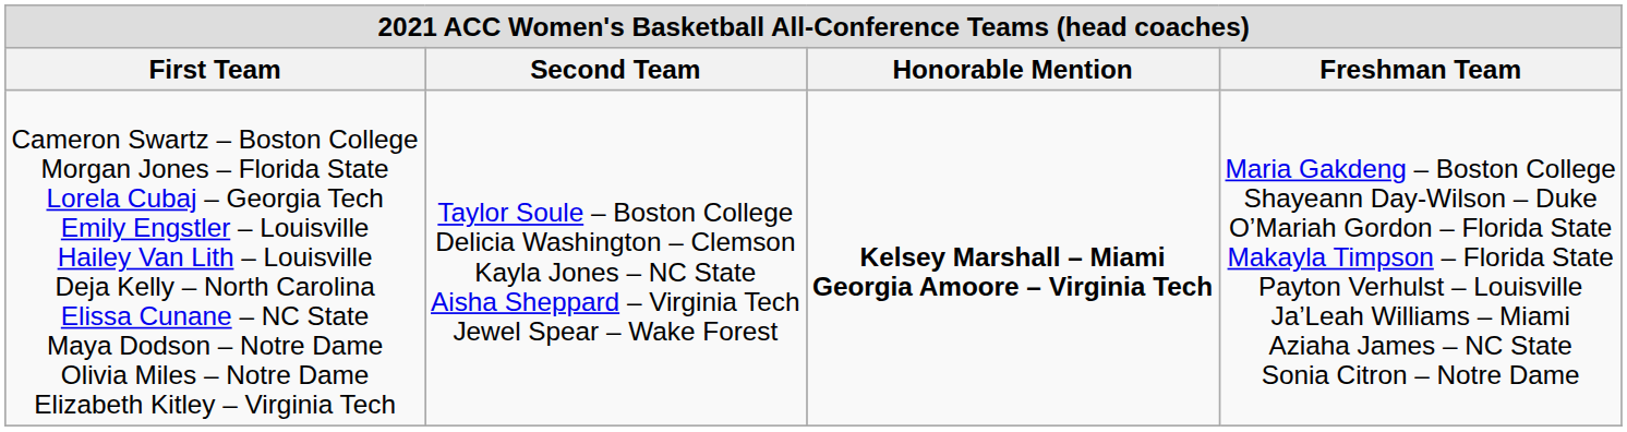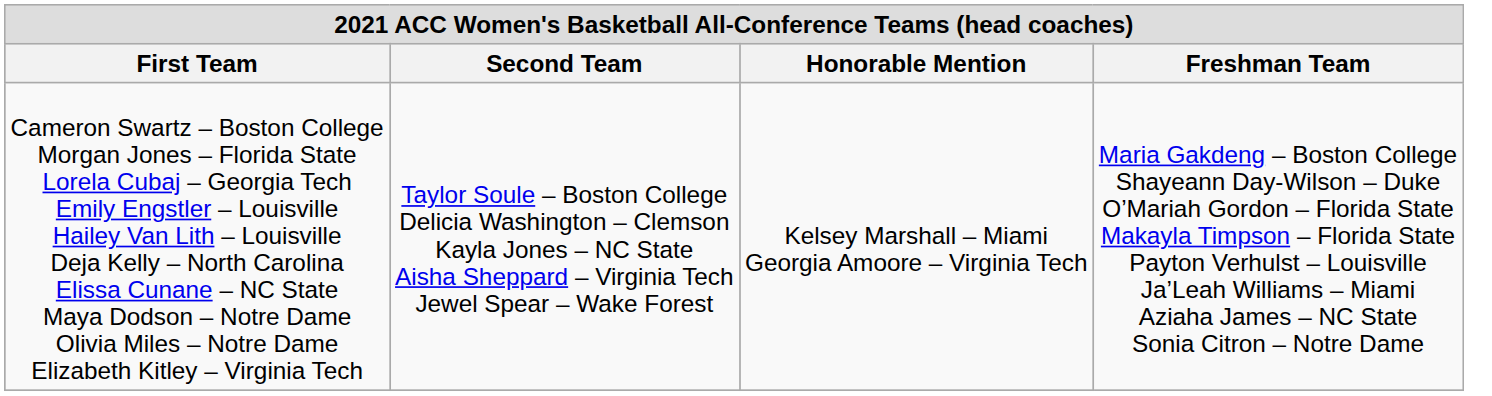 <table class="wikitable" style="white-space:nowrap; font-size:90%; text-align:center;">
 <tr>
 <td colspan="4" style="text-align:center; background:#ddd;"><strong>2021 ACC Women's Basketball All-Conference Teams (head coaches)</strong></td>
 </tr>
 <tr>
 <th>First Team</th>
 <th>Second Team</th>
 <th>Honorable Mention</th>
 <th>Freshman Team</th>
 </tr>
 <tr>
 <td><br>Cameron Swartz – Boston College<br> Morgan Jones – Florida State<br> <a href='#'>Lorela Cubaj</a> – Georgia Tech<br> <a href='#'>Emily Engstler</a> – Louisville<br> <a href='#'>Hailey Van Lith</a> – Louisville<br> Deja Kelly – North Carolina<br> <a href='#'>Elissa Cunane</a> – NC State<br> Maya Dodson – Notre Dame<br> Olivia Miles – Notre Dame<br> Elizabeth Kitley – Virginia Tech</td>
 <td><br><a href='#'>Taylor Soule</a>  – Boston College<br> Delicia Washington – Clemson<br> Kayla Jones – NC State<br> <a href='#'>Aisha Sheppard</a> – Virginia Tech<br> Jewel Spear – Wake Forest</td>
-<td><strong><br>Kelsey Marshall – Miami<br> Georgia Amoore – Virginia Tech</strong></td>
+<td><br>Kelsey Marshall – Miami<br> Georgia Amoore – Virginia Tech</td>
 <td><br><a href='#'>Maria Gakdeng</a> – Boston College<br> Shayeann Day-Wilson – Duke<br> O’Mariah Gordon – Florida State<br> <a href='#'>Makayla Timpson</a> – Florida State<br> Payton Verhulst – Louisville<br> Ja’Leah Williams – Miami<br> Aziaha James – NC State<br> Sonia Citron – Notre Dame</td>
 </tr>
 </table>
